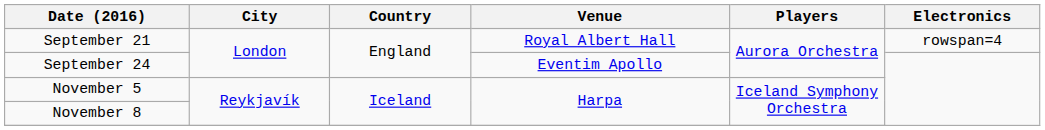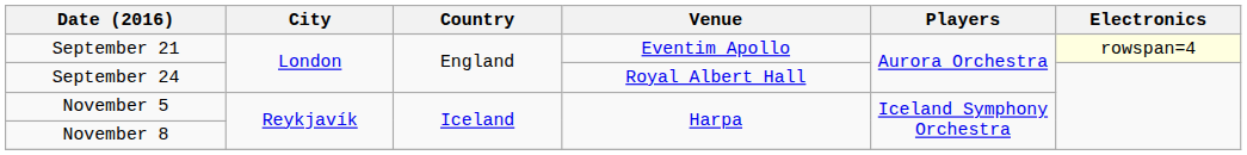 <table class="wikitable plainrowheaders" style="text-align: center;">
 <tr>
 <th scope="col" style="width:12em;">Date (2016)</th>
 <th scope="col" style="width:9em;">City</th>
 <th scope="col" style="width:9em;">Country</th>
 <th scope="col" style="width:17em;">Venue</th>
 <th scope="col" style="width:10em;">Players</th>
 <th scope="col" style="width:10em;">Electronics</th>
 </tr>
 <tr>
 <td>September 21</td>
 <td rowspan=2><a href='#'>London</a></td>
 <td rowspan=2>England</td>
-<td><a href='#'>Royal Albert Hall</a></td>
+<td><a href='#'>Eventim Apollo</a></td>
 <td rowspan=2><a href='#'>Aurora Orchestra</a></td>
-<td>rowspan=4 </td>
+<td style="background: lightyellow;">rowspan=4 </td>
 </tr>
 <tr>
 <td>September 24</td>
-<td><a href='#'>Eventim Apollo</a></td>
+<td><a href='#'>Royal Albert Hall</a></td>
 </tr>
 <tr>
 <td>November 5</td>
 <td rowspan=2><a href='#'>Reykjavík</a></td>
 <td rowspan=2><a href='#'>Iceland</a></td>
 <td rowspan=2><a href='#'>Harpa</a></td>
 <td rowspan=2><a href='#'>Iceland Symphony Orchestra</a></td>
 </tr>
 <tr>
 <td>November 8</td>
 </tr>
 <tr>
 </tr>
 </table>
